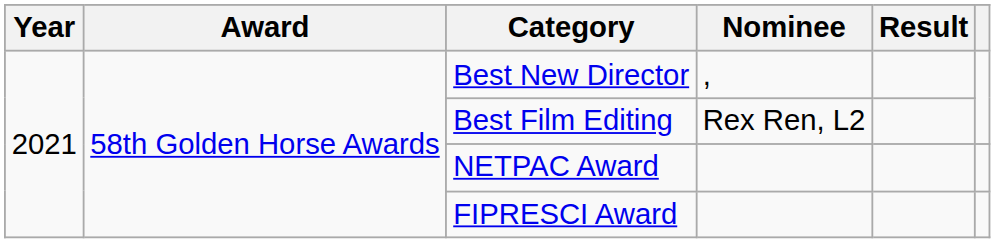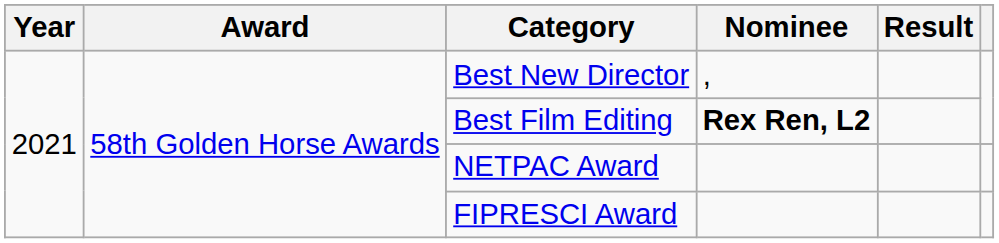 <table class="wikitable plainrowheaders">
 <tr>
 <th>Year</th>
 <th>Award</th>
 <th>Category</th>
 <th>Nominee</th>
 <th>Result</th>
 <th></th>
 </tr>
 <tr>
 <td rowspan="4">2021</td>
 <td rowspan="4"><a href='#'>58th Golden Horse Awards</a></td>
 <td><a href='#'>Best New Director</a></td>
 <td>, </td>
 <td></td>
 <td rowspan="2"></td>
 </tr>
 <tr>
 <td><a href='#'>Best Film Editing</a></td>
-<td>Rex Ren, L2</td>
+<td><strong>Rex Ren, L2</strong></td>
 <td></td>
 </tr>
 <tr>
 <td><a href='#'>NETPAC Award</a></td>
 <td></td>
 <td></td>
 <td></td>
 </tr>
 <tr>
 <td><a href='#'>FIPRESCI Award</a></td>
 <td></td>
 <td></td>
 <td></td>
 </tr>
 </table>
